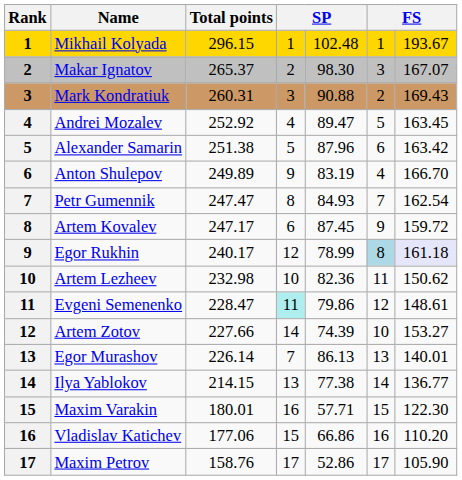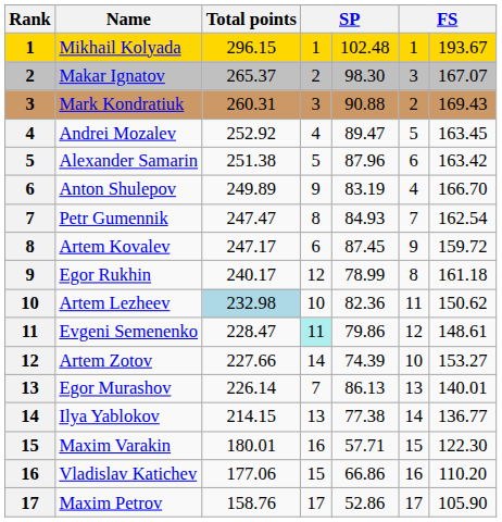 <table class="wikitable sortable">
 <tr>
 <th>Rank</th>
 <th>Name</th>
 <th>Total points</th>
 <th colspan="2" width="80px"><a href='#'>SP</a></th>
 <th colspan="2" width="80px"><a href='#'>FS</a></th>
 </tr>
 <tr bgcolor="gold">
 <td align="center"><strong>1</strong></td>
 <td><a href='#'>Mikhail Kolyada</a></td>
 <td align="center">296.15</td>
 <td align="center">1</td>
 <td align="center">102.48</td>
 <td align="center">1</td>
 <td align="center">193.67</td>
 </tr>
 <tr bgcolor="silver">
 <td align="center"><strong>2</strong></td>
 <td><a href='#'>Makar Ignatov</a></td>
 <td align="center">265.37</td>
 <td align="center">2</td>
 <td align="center">98.30</td>
 <td align="center">3</td>
 <td align="center">167.07</td>
 </tr>
 <tr bgcolor="cc9966">
 <td align="center"><strong>3</strong></td>
 <td><a href='#'>Mark Kondratiuk</a></td>
 <td align="center">260.31</td>
 <td align="center">3</td>
 <td align="center">90.88</td>
 <td align="center">2</td>
 <td align="center">169.43</td>
 </tr>
 <tr>
 <th>4</th>
 <td><a href='#'>Andrei Mozalev</a></td>
 <td align="center">252.92</td>
 <td align="center">4</td>
 <td align="center">89.47</td>
 <td align="center">5</td>
 <td align="center">163.45</td>
 </tr>
 <tr>
 <th>5</th>
 <td><a href='#'>Alexander Samarin</a></td>
 <td align="center">251.38</td>
 <td align="center">5</td>
 <td align="center">87.96</td>
 <td align="center">6</td>
 <td align="center">163.42</td>
 </tr>
 <tr>
 <th>6</th>
 <td><a href='#'>Anton Shulepov</a></td>
 <td align="center">249.89</td>
 <td align="center">9</td>
 <td align="center">83.19</td>
 <td align="center">4</td>
 <td align="center">166.70</td>
 </tr>
 <tr>
 <th>7</th>
 <td><a href='#'>Petr Gumennik</a></td>
 <td align="center">247.47</td>
 <td align="center">8</td>
 <td align="center">84.93</td>
 <td align="center">7</td>
 <td align="center">162.54</td>
 </tr>
 <tr>
 <th>8</th>
 <td><a href='#'>Artem Kovalev</a></td>
 <td align="center">247.17</td>
 <td align="center">6</td>
 <td align="center">87.45</td>
 <td align="center">9</td>
 <td align="center">159.72</td>
 </tr>
 <tr>
 <th>9</th>
 <td><a href='#'>Egor Rukhin</a></td>
 <td align="center">240.17</td>
 <td align="center">12</td>
 <td align="center">78.99</td>
-<td align="center" style="background: lightblue;">8</td>
-<td align="center" style="background: lavender;">161.18</td>
+<td align="center">8</td>
+<td align="center">161.18</td>
 </tr>
 <tr>
 <th>10</th>
 <td><a href='#'>Artem Lezheev</a></td>
-<td align="center">232.98</td>
+<td align="center" style="background: lightblue;">232.98</td>
 <td align="center">10</td>
 <td align="center">82.36</td>
 <td align="center">11</td>
 <td align="center">150.62</td>
 </tr>
 <tr>
 <th>11</th>
 <td><a href='#'>Evgeni Semenenko</a></td>
 <td align="center">228.47</td>
 <td align="center" style="background: paleturquoise;">11</td>
 <td align="center">79.86</td>
 <td align="center">12</td>
 <td align="center">148.61</td>
 </tr>
 <tr>
 <th>12</th>
 <td><a href='#'>Artem Zotov</a></td>
 <td align="center">227.66</td>
 <td align="center">14</td>
 <td align="center">74.39</td>
 <td align="center">10</td>
 <td align="center">153.27</td>
 </tr>
 <tr>
 <th>13</th>
 <td><a href='#'>Egor Murashov</a></td>
 <td align="center">226.14</td>
 <td align="center">7</td>
 <td align="center">86.13</td>
 <td align="center">13</td>
 <td align="center">140.01</td>
 </tr>
 <tr>
 <th>14</th>
 <td><a href='#'>Ilya Yablokov</a></td>
 <td align="center">214.15</td>
 <td align="center">13</td>
 <td align="center">77.38</td>
 <td align="center">14</td>
 <td align="center">136.77</td>
 </tr>
 <tr>
 <th>15</th>
 <td><a href='#'>Maxim Varakin</a></td>
 <td align="center">180.01</td>
 <td align="center">16</td>
 <td align="center">57.71</td>
 <td align="center">15</td>
 <td align="center">122.30</td>
 </tr>
 <tr>
 <th>16</th>
 <td><a href='#'>Vladislav Katichev</a></td>
 <td align="center">177.06</td>
 <td align="center">15</td>
 <td align="center">66.86</td>
 <td align="center">16</td>
 <td align="center">110.20</td>
 </tr>
 <tr>
 <th>17</th>
 <td><a href='#'>Maxim Petrov</a></td>
 <td align="center">158.76</td>
 <td align="center">17</td>
 <td align="center">52.86</td>
 <td align="center">17</td>
 <td align="center">105.90</td>
 </tr>
 </table>
